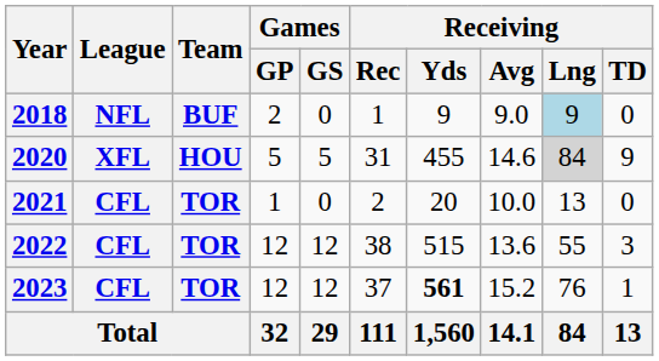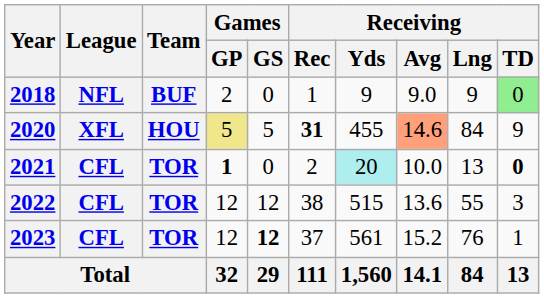 <table class=wikitable style="text-align:center;">
 <tr>
 <th rowspan="2">Year</th>
 <th rowspan="2">League</th>
 <th rowspan="2">Team</th>
 <th colspan="2">Games</th>
 <th colspan="5">Receiving</th>
 </tr>
 <tr>
 <th>GP</th>
 <th>GS</th>
 <th>Rec</th>
 <th>Yds</th>
 <th>Avg</th>
 <th>Lng</th>
 <th>TD</th>
 </tr>
 <tr>
 <th><a href='#'>2018</a></th>
 <th><a href='#'>NFL</a></th>
 <th><a href='#'>BUF</a></th>
 <td>2</td>
 <td>0</td>
 <td>1</td>
 <td>9</td>
 <td>9.0</td>
-<td style="background: lightblue;">9</td>
-<td>0</td>
+<td>9</td>
+<td style="background: lightgreen;">0</td>
 </tr>
 <tr>
 <th><a href='#'>2020</a></th>
 <th><a href='#'>XFL</a></th>
 <th><a href='#'>HOU</a></th>
+<td style="background: khaki;">5</td>
 <td>5</td>
-<td>5</td>
-<td>31</td>
+<td><strong>31</strong></td>
 <td>455</td>
-<td>14.6</td>
-<td style="background: lightgrey;">84</td>
+<td style="background: lightsalmon;">14.6</td>
+<td>84</td>
 <td>9</td>
 </tr>
 <tr>
 <th><a href='#'>2021</a></th>
 <th><a href='#'>CFL</a></th>
 <th><a href='#'>TOR</a></th>
-<td>1</td>
+<td><strong>1</strong></td>
 <td>0</td>
 <td>2</td>
-<td>20</td>
+<td style="background: paleturquoise;">20</td>
 <td>10.0</td>
 <td>13</td>
-<td>0</td>
+<td><strong>0</strong></td>
 </tr>
 <tr>
 <th><a href='#'>2022</a></th>
 <th><a href='#'>CFL</a></th>
 <th><a href='#'>TOR</a></th>
 <td>12</td>
 <td>12</td>
 <td>38</td>
 <td>515</td>
 <td>13.6</td>
 <td>55</td>
 <td>3</td>
 </tr>
 <tr>
 <th><a href='#'>2023</a></th>
 <th><a href='#'>CFL</a></th>
 <th><a href='#'>TOR</a></th>
 <td>12</td>
-<td>12</td>
+<td><strong>12</strong></td>
 <td>37</td>
-<td><strong>561</strong></td>
+<td>561</td>
 <td>15.2</td>
 <td>76</td>
 <td>1</td>
 </tr>
 <tr>
 <th colspan="3">Total</th>
 <th>32</th>
 <th>29</th>
 <th>111</th>
 <th>1,560</th>
 <th>14.1</th>
 <th>84</th>
 <th>13</th>
 </tr>
 </table>
